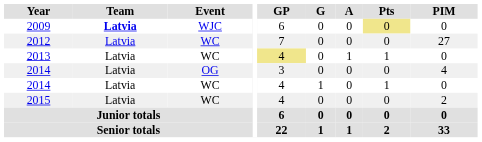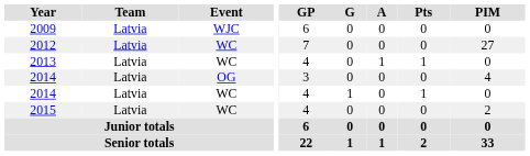 <table border="0" cellpadding="1" cellspacing="0" ID="Table3" style="text-align:center; width:40em">
 <tr ALIGN="center" bgcolor="#e0e0e0">
 <th>Year</th>
 <th>Team</th>
 <th>Event</th>
 <th rowspan="102" bgcolor="#ffffff"></th>
 <th>GP</th>
 <th>G</th>
 <th>A</th>
 <th>Pts</th>
 <th>PIM</th>
 </tr>
 <tr>
 <td><a href='#'>2009</a></td>
-<td><strong><a href='#'>Latvia</a></strong></td>
+<td><a href='#'>Latvia</a></td>
 <td><a href='#'>WJC</a></td>
 <td>6</td>
 <td>0</td>
 <td>0</td>
-<td style="background: khaki;">0</td>
+<td>0</td>
 <td>0</td>
 </tr>
 <tr bgcolor="#f0f0f0">
 <td><a href='#'>2012</a></td>
 <td><a href='#'>Latvia</a></td>
 <td><a href='#'>WC</a></td>
 <td>7</td>
 <td>0</td>
 <td>0</td>
 <td>0</td>
 <td>27</td>
 </tr>
 <tr>
 <td><a href='#'>2013</a></td>
 <td>Latvia</td>
 <td>WC</td>
-<td style="background: khaki;">4</td>
+<td>4</td>
 <td>0</td>
 <td>1</td>
 <td>1</td>
 <td>0</td>
 </tr>
 <tr bgcolor="#f0f0f0">
 <td><a href='#'>2014</a></td>
 <td>Latvia</td>
 <td><a href='#'>OG</a></td>
 <td>3</td>
 <td>0</td>
 <td>0</td>
 <td>0</td>
 <td>4</td>
 </tr>
 <tr>
 <td><a href='#'>2014</a></td>
 <td>Latvia</td>
 <td>WC</td>
 <td>4</td>
 <td>1</td>
 <td>0</td>
 <td>1</td>
 <td>0</td>
 </tr>
 <tr bgcolor="#f0f0f0">
 <td><a href='#'>2015</a></td>
 <td>Latvia</td>
 <td>WC</td>
 <td>4</td>
 <td>0</td>
 <td>0</td>
 <td>0</td>
 <td>2</td>
 </tr>
 <tr bgcolor="#e0e0e0">
 <th colspan=3>Junior totals</th>
 <th>6</th>
 <th>0</th>
 <th>0</th>
 <th>0</th>
 <th>0</th>
 </tr>
 <tr bgcolor="#e0e0e0">
 <th colspan=3>Senior totals</th>
 <th>22</th>
 <th>1</th>
 <th>1</th>
 <th>2</th>
 <th>33</th>
 </tr>
 </table>
